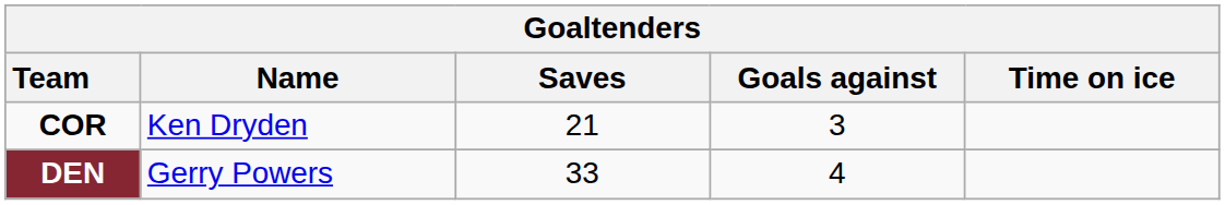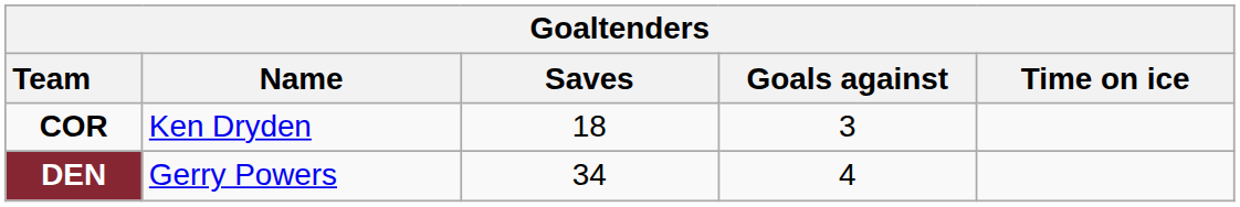 <table class="wikitable" style="width:40em; text-align:right;">
 <tr>
 <th colspan=5>Goaltenders</th>
 </tr>
 <tr>
 <th style="width:4em; text-align:left;">Team</th>
 <th style="width:10em;">Name</th>
 <th style="width:8em;">Saves</th>
 <th style="width:8em;">Goals against</th>
 <th style="width:8em;">Time on ice</th>
 </tr>
 <tr>
 <td align=center><strong>COR</strong></td>
 <td style="text-align:left;"><a href='#'>Ken Dryden</a></td>
-<td align=center>21</td>
+<td align=center>18</td>
 <td align=center>3</td>
 <td align=center></td>
 </tr>
 <tr>
 <td align=center style="color:white; background:#862633; "><strong>DEN</strong></td>
 <td style="text-align:left;"><a href='#'>Gerry Powers</a></td>
-<td align=center>33</td>
+<td align=center>34</td>
 <td align=center>4</td>
 <td align=center></td>
 </tr>
 </table>
